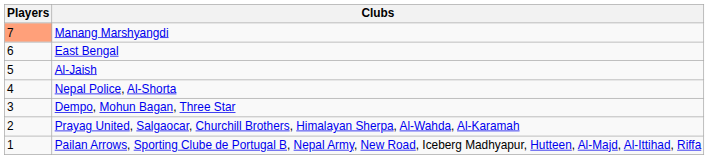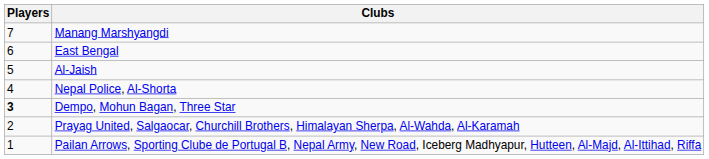 <table class="wikitable">
 <tr>
 <th>Players</th>
 <th>Clubs</th>
 </tr>
 <tr>
-<td style="background: lightsalmon;">7</td>
+<td>7</td>
 <td> <a href='#'>Manang Marshyangdi</a></td>
 </tr>
 <tr>
 <td>6</td>
 <td> <a href='#'>East Bengal</a></td>
 </tr>
 <tr>
 <td>5</td>
 <td> <a href='#'>Al-Jaish</a></td>
 </tr>
 <tr>
 <td>4</td>
 <td> <a href='#'>Nepal Police</a>,  <a href='#'>Al-Shorta</a></td>
 </tr>
 <tr>
-<td>3</td>
+<td><strong>3</strong></td>
 <td> <a href='#'>Dempo</a>, <a href='#'>Mohun Bagan</a>,  <a href='#'>Three Star</a></td>
 </tr>
 <tr>
 <td>2</td>
 <td> <a href='#'>Prayag United</a>, <a href='#'>Salgaocar</a>, <a href='#'>Churchill Brothers</a>,  <a href='#'>Himalayan Sherpa</a>,  <a href='#'>Al-Wahda</a>, <a href='#'>Al-Karamah</a></td>
 </tr>
 <tr>
 <td>1</td>
 <td> <a href='#'>Pailan Arrows</a>,  <a href='#'>Sporting Clube de Portugal B</a>,  <a href='#'>Nepal Army</a>, <a href='#'>New Road</a>, Iceberg Madhyapur,  <a href='#'>Hutteen</a>, <a href='#'>Al-Majd</a>, <a href='#'>Al-Ittihad</a>,  <a href='#'>Riffa</a></td>
 </tr>
 </table>
